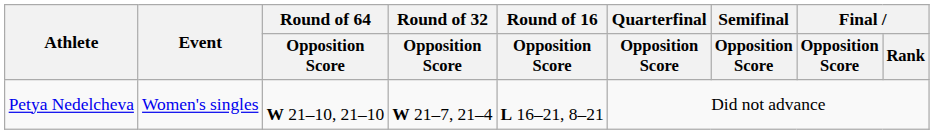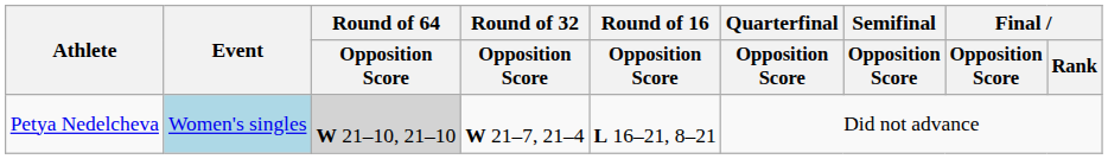 <table class=wikitable style="font-size:90%">
 <tr>
 <th rowspan="2">Athlete</th>
 <th rowspan="2">Event</th>
 <th>Round of 64</th>
 <th>Round of 32</th>
 <th>Round of 16</th>
 <th>Quarterfinal</th>
 <th>Semifinal</th>
 <th colspan=2>Final / </th>
 </tr>
 <tr style="font-size:95%">
 <th>Opposition<br>Score</th>
 <th>Opposition<br>Score</th>
 <th>Opposition<br>Score</th>
 <th>Opposition<br>Score</th>
 <th>Opposition<br>Score</th>
 <th>Opposition<br>Score</th>
 <th>Rank</th>
 </tr>
 <tr align=center>
 <td align=left><a href='#'>Petya Nedelcheva</a></td>
-<td align=left><a href='#'>Women's singles</a></td>
-<td><br><strong>W</strong> 21–10, 21–10</td>
+<td align=left style="background: lightblue;"><a href='#'>Women's singles</a></td>
+<td style="background: lightgrey;"><br><strong>W</strong> 21–10, 21–10</td>
 <td><br><strong>W</strong> 21–7, 21–4</td>
 <td><br><strong>L</strong> 16–21, 8–21</td>
 <td colspan=4>Did not advance</td>
 </tr>
 </table>
